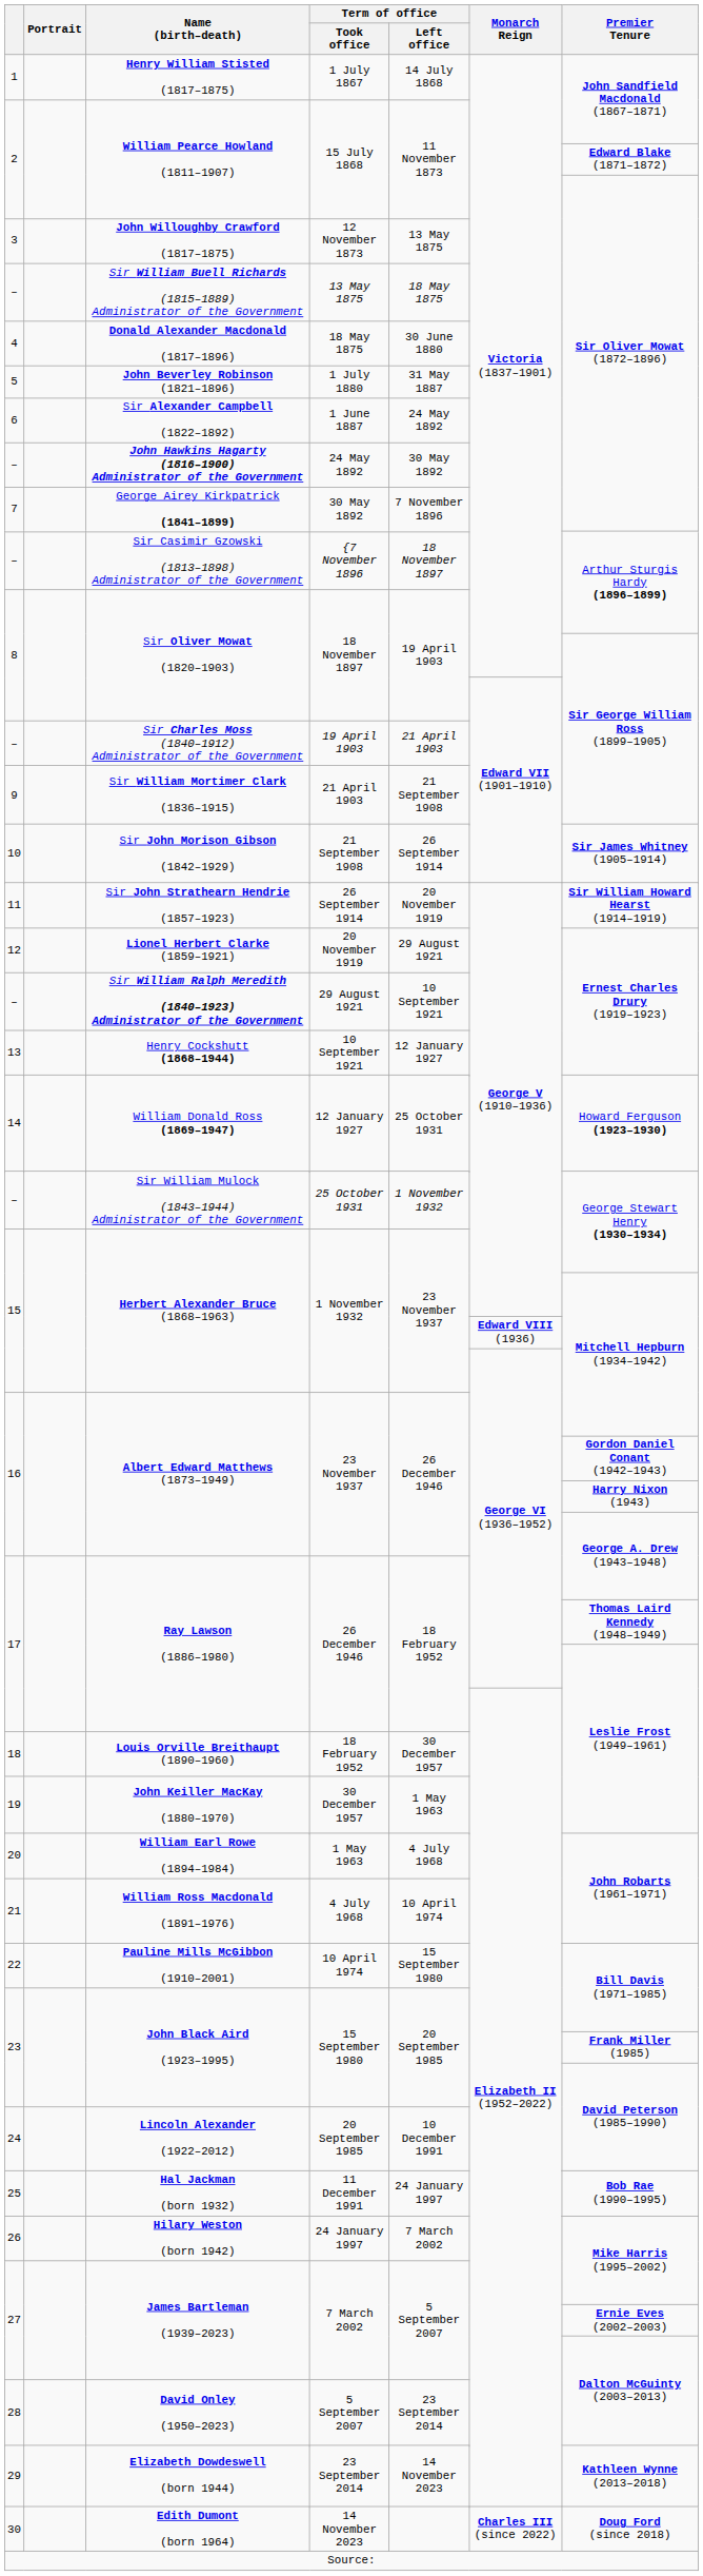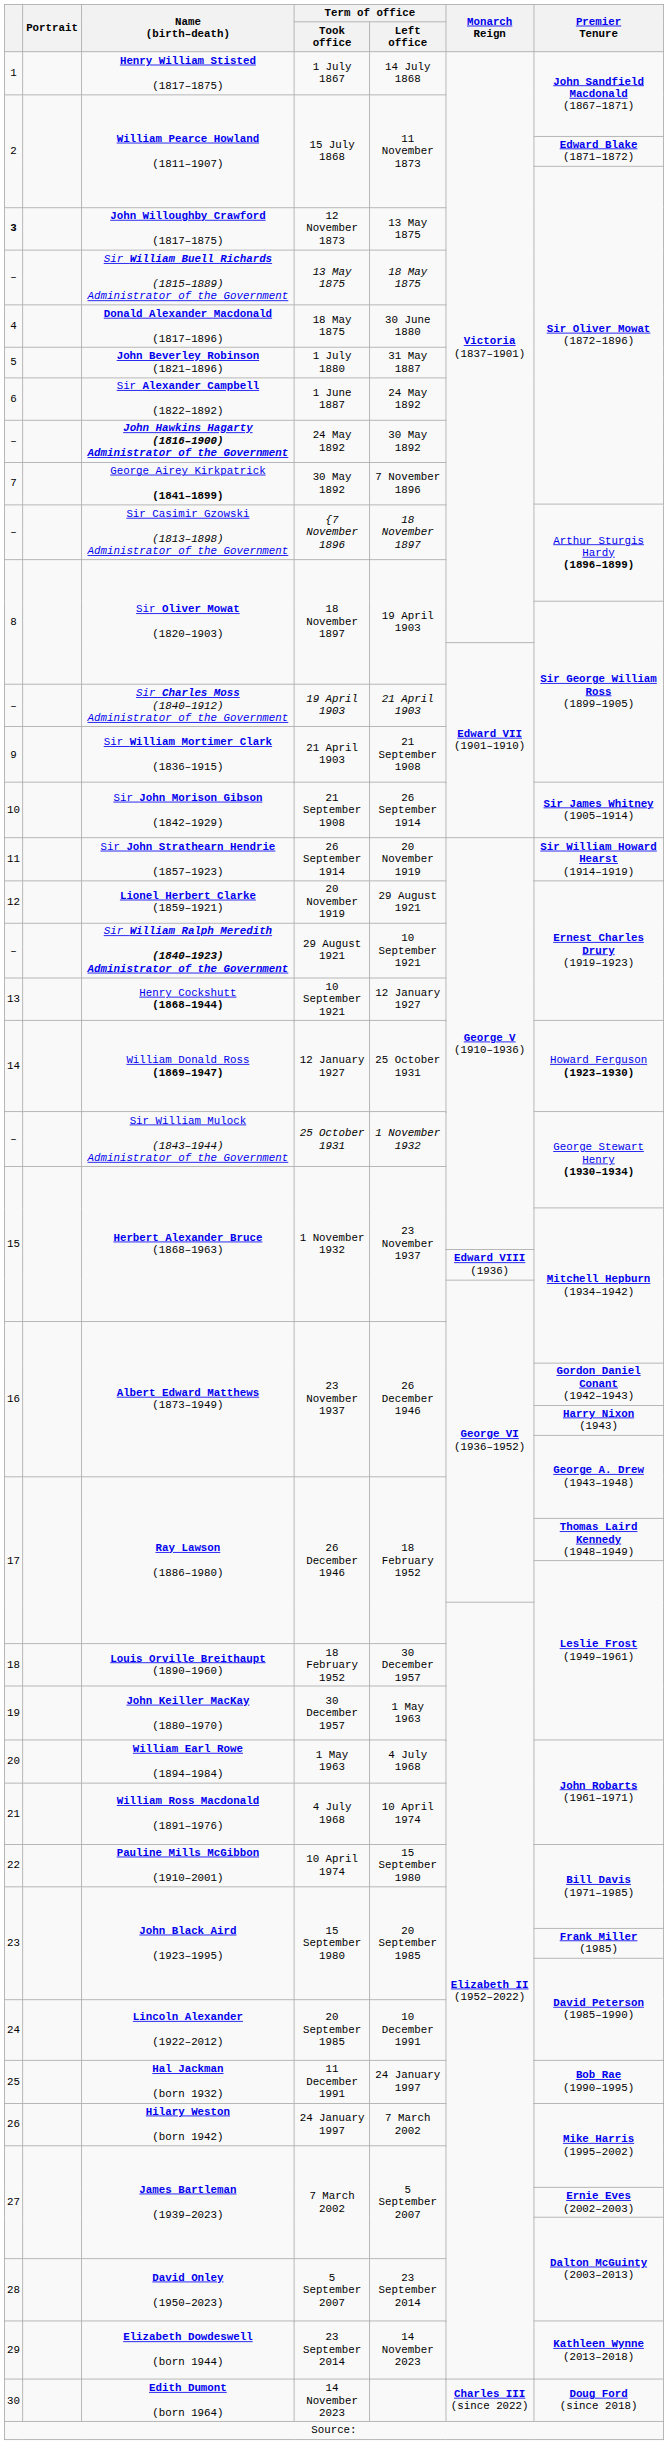 <table class="wikitable" style="text-align:center; border:1px #aaf solid;">
 <tr>
 <th rowspan="2"></th>
 <th rowspan="2" width="65">Portrait</th>
 <th rowspan="2" width="250">Name<br>(birth–death)</th>
 <th colspan="2">Term of office</th>
 <th rowspan="2" width="100"><a href='#'>Monarch</a><br>Reign</th>
 <th rowspan="2" width="150"><a href='#'>Premier</a><br>Tenure</th>
 </tr>
 <tr>
 <th width="85">Took office</th>
 <th width="85">Left office</th>
 </tr>
 <tr>
 <td>1</td>
 <td></td>
 <td><strong><a href='#'>Henry William Stisted</a></strong><br><br>(1817–1875)</td>
 <td>1 July<br>1867</td>
 <td>14 July<br>1868</td>
 <td rowspan="15"><strong><a href='#'>Victoria</a></strong><br>(1837–1901)</td>
 <td rowspan="2"><strong><a href='#'>John Sandfield Macdonald</a></strong><br>(1867–1871)</td>
 </tr>
 <tr style="height:50px;">
 <td rowspan="3">2</td>
 <td rowspan="3"></td>
 <td rowspan="3"><strong><a href='#'>William Pearce Howland</a></strong><br><br>(1811–1907)</td>
 <td rowspan="3">15 July<br>1868</td>
 <td rowspan="3">11 November<br>1873</td>
 </tr>
 <tr>
 <td><strong><a href='#'>Edward Blake</a></strong><br>(1871–1872)</td>
 </tr>
 <tr style="height:50px;">
 <td rowspan="8"><a href='#'><strong>Sir Oliver Mowat</strong></a><br>(1872–1896)</td>
 </tr>
 <tr>
-<td>3</td>
+<td><strong>3</strong></td>
 <td></td>
 <td><strong><a href='#'>John Willoughby Crawford</a></strong><br><br>(1817–1875)</td>
 <td>12 November<br>1873</td>
 <td>13 May<br>1875</td>
 </tr>
 <tr>
 <td>–</td>
 <td></td>
 <td><em><a href='#'>Sir <strong>William Buell Richards</strong></a><br><br>(1815–1889)<br><a href='#'>Administrator of the Government</a></em></td>
 <td><em>13 May<br>1875</em></td>
 <td><em>18 May<br>1875</em></td>
 </tr>
 <tr>
 <td>4</td>
 <td></td>
 <td><strong><a href='#'>Donald Alexander Macdonald</a></strong><br><br>(1817–1896)</td>
 <td>18 May<br>1875</td>
 <td>30 June<br>1880</td>
 </tr>
 <tr>
 <td>5</td>
 <td></td>
 <td><strong><a href='#'>John Beverley Robinson</a></strong><br>(1821–1896)</td>
 <td>1 July<br>1880</td>
 <td>31 May<br>1887</td>
 </tr>
 <tr>
 <td>6</td>
 <td></td>
 <td><a href='#'>Sir <strong>Alexander Campbell</strong></a><br><br>(1822–1892)</td>
 <td>1 June<br>1887</td>
 <td>24 May<br>1892</td>
 </tr>
 <tr>
 <td>–</td>
 <td></td>
 <td><strong><em><a href='#'>John Hawkins Hagarty</a><strong><br>(1816–1900)<br><a href='#'>Administrator of the Government</a><em></td>
 <td></em>24 May<br>1892<em></td>
 <td></em>30 May<br>1892<em></td>
 </tr>
 <tr style="height:50px;">
 <td rowspan="2">7</td>
 <td rowspan="2"></td>
 <td rowspan="2"></strong><a href='#'>George Airey Kirkpatrick</a><strong><br><br>(1841–1899)</td>
 <td rowspan="2">30 May<br>1892</td>
 <td rowspan="2">7 November<br>1896</td>
 </tr>
 <tr>
 <td rowspan="3"></strong><a href='#'>Arthur Sturgis Hardy</a><strong><br>(1896–1899)</td>
 </tr>
 <tr>
 <td>–</td>
 <td></td>
 <td><a href='#'></em>Sir </strong>Casimir Gzowski</em></strong></a><em><br><br>(1813–1898)<br><a href='#'>Administrator of the Government</a></em></td>
 <td><em>{7 November<br>1896</em></td>
 <td><em>18 November<br>1897</em></td>
 </tr>
 <tr style="height:50px;">
 <td rowspan="3">8</td>
 <td rowspan="3"></td>
 <td rowspan="3"><a href='#'>Sir <strong>Oliver Mowat</strong></a><br><br>(1820–1903)</td>
 <td rowspan="3">18 November<br>1897</td>
 <td rowspan="3">19 April<br>1903</td>
 </tr>
 <tr style="height:50px;">
 <td rowspan="4"><a href='#'><strong>Sir George William Ross</strong></a><br>(1899–1905)</td>
 </tr>
 <tr style="height:50px;">
 <td rowspan="5"><strong><a href='#'>Edward VII</a></strong><br>(1901–1910)</td>
 </tr>
 <tr>
 <td>–</td>
 <td></td>
 <td><em><a href='#'>Sir <strong>Charles Moss</strong></a><br>(1840–1912)<br><a href='#'>Administrator of the Government</a></em></td>
 <td><em>19 April<br>1903</em></td>
 <td><em>21 April<br>1903</em></td>
 </tr>
 <tr style="height:67px;">
 <td rowspan="2">9</td>
 <td rowspan="2"></td>
 <td rowspan="2"><a href='#'>Sir <strong>William Mortimer Clark</strong></a><br><br>(1836–1915)</td>
 <td rowspan="2">21 April<br>1903</td>
 <td rowspan="2">21 September<br>1908</td>
 </tr>
 <tr>
 <td rowspan="3"><strong><a href='#'>Sir James Whitney</a></strong><br>(1905–1914)</td>
 </tr>
 <tr style="height:67px;">
 <td rowspan="2">10</td>
 <td rowspan="2"></td>
 <td rowspan="2"><a href='#'>Sir <strong>John Morison Gibson</strong></a><br><br>(1842–1929)</td>
 <td rowspan="2">21 September<br>1908</td>
 <td rowspan="2">26 September<br>1914</td>
 </tr>
 <tr>
 <td rowspan="12"><strong><a href='#'>George V</a></strong><br>(1910–1936)</td>
 </tr>
 <tr>
 <td rowspan="2">11</td>
 <td rowspan="2"></td>
 <td rowspan="2"><a href='#'>Sir <strong>John Strathearn Hendrie</strong></a><br><br>(1857–1923)</td>
 <td rowspan="2">26 September<br>1914</td>
 <td rowspan="2">20 November<br>1919</td>
 <td><a href='#'><strong>Sir William Howard Hearst</strong></a><br>(1914–1919)</td>
 </tr>
 <tr>
 <td rowspan="4"><strong><a href='#'>Ernest Charles Drury</a></strong><br>(1919–1923)</td>
 </tr>
 <tr>
 <td>12</td>
 <td></td>
 <td><strong><a href='#'>Lionel Herbert Clarke</a></strong><br>(1859–1921)</td>
 <td>20 November<br>1919</td>
 <td>29 August<br>1921</td>
 </tr>
 <tr>
 <td>–</td>
 <td></td>
 <td><a href='#'><em>Sir <strong>William Ralph Meredith<strong><em></a></em><br><br>(1840–1923)<br><a href='#'>Administrator of the Government</a><em></td>
 <td></em>29 August<br>1921<em></td>
 <td></em>10 September<br>1921<em></td>
 </tr>
 <tr style="height:51px;">
 <td rowspan="2">13</td>
 <td rowspan="2"></td>
 <td rowspan="2"></strong><a href='#'>Henry Cockshutt</a><strong><br>(1868–1944)</td>
 <td rowspan="2">10 September<br>1921</td>
 <td rowspan="2">12 January<br>1927</td>
 </tr>
 <tr>
 <td rowspan="2"></strong><a href='#'>Howard Ferguson</a><strong><br>(1923–1930)</td>
 </tr>
 <tr style="height:110px;">
 <td rowspan="2">14</td>
 <td rowspan="2"></td>
 <td rowspan="2"></strong><a href='#'>William Donald Ross</a><strong><br>(1869–1947)</td>
 <td rowspan="2">12 January<br>1927</td>
 <td rowspan="2">25 October<br>1931</td>
 </tr>
 <tr>
 <td rowspan="3"></strong><a href='#'>George Stewart Henry</a><strong><br>(1930–1934)</td>
 </tr>
 <tr>
 <td>–</td>
 <td></td>
 <td><a href='#'></em>Sir </strong>William Mulock</em></strong></a><em><br><br>(1843–1944)<br><a href='#'>Administrator of the Government</a></em></td>
 <td><em>25 October<br>1931</em></td>
 <td><em>1 November<br>1932</em></td>
 </tr>
 <tr style="height:50px;">
 <td rowspan="4">15</td>
 <td rowspan="4"></td>
 <td rowspan="4"><strong><a href='#'>Herbert Alexander Bruce</a></strong><br>(1868–1963)</td>
 <td rowspan="4">1 November<br>1932</td>
 <td rowspan="4">23 November<br>1937</td>
 </tr>
 <tr style="height:50px;">
 <td rowspan="4"><strong><a href='#'>Mitchell Hepburn</a></strong><br>(1934–1942)</td>
 </tr>
 <tr>
 <td><strong><a href='#'>Edward VIII</a></strong><br>(1936)</td>
 </tr>
 <tr style="height:50px;">
 <td rowspan="8"><strong><a href='#'>George VI</a></strong><br>(1936–1952)</td>
 </tr>
 <tr style="height:50px;">
 <td rowspan="4">16</td>
 <td rowspan="4"></td>
 <td rowspan="4"><strong><a href='#'>Albert Edward Matthews</a></strong><br>(1873–1949)</td>
 <td rowspan="4">23 November<br>1937</td>
 <td rowspan="4">26 December<br>1946</td>
 </tr>
 <tr>
 <td><strong><a href='#'>Gordon Daniel Conant</a></strong><br>(1942–1943)</td>
 </tr>
 <tr>
 <td><strong><a href='#'>Harry Nixon</a></strong><br>(1943)</td>
 </tr>
 <tr style="height:50px;">
 <td rowspan="2"><strong><a href='#'>George A. Drew</a></strong><br>(1943–1948)</td>
 </tr>
 <tr style="height:50px;">
 <td rowspan="4">17</td>
 <td rowspan="4"></td>
 <td rowspan="4"><strong><a href='#'>Ray Lawson</a></strong><br><br>(1886–1980)</td>
 <td rowspan="4">26 December<br>1946</td>
 <td rowspan="4">18 February<br>1952</td>
 </tr>
 <tr>
 <td><strong><a href='#'>Thomas Laird Kennedy</a></strong><br>(1948–1949)</td>
 </tr>
 <tr style="height:50px;">
 <td rowspan="4"><strong><a href='#'>Leslie Frost</a></strong><br>(1949–1961)</td>
 </tr>
 <tr style="height:50px;">
 <td rowspan="23"><strong><a href='#'>Elizabeth II</a></strong><br>(1952–2022)</td>
 </tr>
 <tr>
 <td>18</td>
 <td></td>
 <td><strong><a href='#'>Louis Orville Breithaupt</a></strong><br>(1890–1960)</td>
 <td>18 February<br>1952</td>
 <td>30 December<br>1957</td>
 </tr>
 <tr style="height:65px;">
 <td rowspan="2">19</td>
 <td rowspan="2"></td>
 <td rowspan="2"><strong><a href='#'>John Keiller MacKay</a></strong><br><br>(1880–1970)</td>
 <td rowspan="2">30 December<br>1957</td>
 <td rowspan="2">1 May<br>1963</td>
 </tr>
 <tr>
 <td rowspan="3"><strong><a href='#'>John Robarts</a></strong><br>(1961–1971)</td>
 </tr>
 <tr>
 <td>20</td>
 <td></td>
 <td><strong><a href='#'>William Earl Rowe</a></strong><br><br>(1894–1984)</td>
 <td>1 May<br>1963</td>
 <td>4 July<br>1968</td>
 </tr>
 <tr style="height:74px;">
 <td rowspan="2">21</td>
 <td rowspan="2"></td>
 <td rowspan="2"><strong><a href='#'>William Ross Macdonald</a></strong><br><br>(1891–1976)</td>
 <td rowspan="2">4 July<br>1968</td>
 <td rowspan="2">10 April<br>1974</td>
 </tr>
 <tr>
 <td rowspan="3"><strong><a href='#'>Bill Davis</a></strong><br>(1971–1985)</td>
 </tr>
 <tr>
 <td>22</td>
 <td></td>
 <td><strong><a href='#'>Pauline Mills McGibbon</a></strong><br><br>(1910–2001)</td>
 <td>10 April<br>1974</td>
 <td>15 September<br>1980</td>
 </tr>
 <tr style="height:50px;">
 <td rowspan="3">23</td>
 <td rowspan="3"></td>
 <td rowspan="3"><strong><a href='#'>John Black Aird</a></strong><br><br>(1923–1995)</td>
 <td rowspan="3">15 September<br>1980</td>
 <td rowspan="3">20 September<br>1985</td>
 </tr>
 <tr>
 <td><a href='#'><strong>Frank Miller</strong></a><br>(1985)</td>
 </tr>
 <tr style="height:50px;">
 <td rowspan="2"><strong><a href='#'>David Peterson</a></strong><br>(1985–1990)</td>
 </tr>
 <tr style="height:73px;">
 <td rowspan="2">24</td>
 <td rowspan="2"></td>
 <td rowspan="2"><strong><a href='#'>Lincoln Alexander</a></strong><br><br>(1922–2012)</td>
 <td rowspan="2">20 September<br>1985</td>
 <td rowspan="2">10 December<br>1991</td>
 </tr>
 <tr>
 <td rowspan="2"><strong><a href='#'>Bob Rae</a></strong><br>(1990–1995)</td>
 </tr>
 <tr style="height:52px;">
 <td rowspan="2">25</td>
 <td rowspan="2"></td>
 <td rowspan="2"><strong><a href='#'>Hal Jackman</a></strong><br><br>(born 1932)</td>
 <td rowspan="2">11 December<br>1991</td>
 <td rowspan="2">24 January<br>1997</td>
 </tr>
 <tr>
 <td rowspan="3"><strong><a href='#'>Mike Harris</a></strong><br>(1995–2002)</td>
 </tr>
 <tr>
 <td>26</td>
 <td></td>
 <td><strong><a href='#'>Hilary Weston</a></strong><br><br>(born 1942)</td>
 <td>24 January<br>1997</td>
 <td>7 March<br>2002</td>
 </tr>
 <tr style="height:50px;">
 <td rowspan="3">27</td>
 <td rowspan="3"></td>
 <td rowspan="3"><strong><a href='#'>James Bartleman</a></strong><br><br>(1939–2023)</td>
 <td rowspan="3">7 March<br>2002</td>
 <td rowspan="3">5 September<br>2007</td>
 </tr>
 <tr>
 <td><strong><a href='#'>Ernie Eves</a></strong><br>(2002–2003)</td>
 </tr>
 <tr style="height:50px;">
 <td rowspan="2"><strong><a href='#'>Dalton McGuinty</a></strong><br>(2003–2013)</td>
 </tr>
 <tr style="height:75px;">
 <td rowspan="2">28</td>
 <td rowspan="2"></td>
 <td rowspan="2"><strong><a href='#'>David Onley</a></strong><br><br>(1950–2023)</td>
 <td rowspan="2">5 September<br>2007</td>
 <td rowspan="2">23 September<br>2014</td>
 </tr>
 <tr>
 <td rowspan="2"><strong><a href='#'>Kathleen Wynne</a></strong><br>(2013–2018)</td>
 </tr>
 <tr style="height:70px;">
 <td rowspan="3">29</td>
 <td rowspan="3"></td>
 <td rowspan="3"><strong><a href='#'>Elizabeth Dowdeswell</a></strong><br><br>(born 1944)</td>
 <td rowspan="3">23 September<br>2014</td>
 <td rowspan="3">14 November<br>2023</td>
 </tr>
 <tr>
 <td rowspan="3"><strong><a href='#'>Doug Ford</a></strong><br>(since 2018)</td>
 </tr>
 <tr>
 <td rowspan="2"><strong><a href='#'>Charles III</a></strong><br>(since 2022)</td>
 </tr>
 <tr>
 <td>30</td>
 <td></td>
 <td><strong><a href='#'>Edith Dumont</a></strong><br><br>(born 1964)</td>
 <td>14 November<br>2023</td>
 <td></td>
 </tr>
 <tr>
 <td colspan="7">Source:</td>
 </tr>
 </table>
